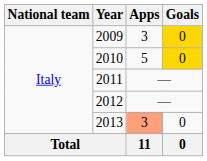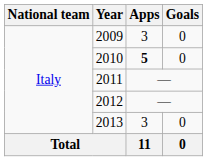 <table class="wikitable" style="text-align:center">
 <tr>
 <th>National team</th>
 <th>Year</th>
 <th>Apps</th>
 <th>Goals</th>
 </tr>
 <tr>
 <td rowspan="5"><a href='#'>Italy</a></td>
 <td>2009</td>
 <td>3</td>
-<td style="background: gold;">0</td>
+<td>0</td>
 </tr>
 <tr>
 <td>2010</td>
-<td>5</td>
-<td style="background: gold;">0</td>
+<td><strong>5</strong></td>
+<td>0</td>
 </tr>
 <tr>
 <td>2011</td>
 <td colspan="2">—</td>
 </tr>
 <tr>
 <td>2012</td>
 <td colspan="2">—</td>
 </tr>
 <tr>
 <td>2013</td>
-<td style="background: lightsalmon;">3</td>
+<td>3</td>
 <td>0</td>
 </tr>
 <tr>
 <th colspan="2">Total</th>
 <th>11</th>
 <th>0</th>
 </tr>
 </table>
